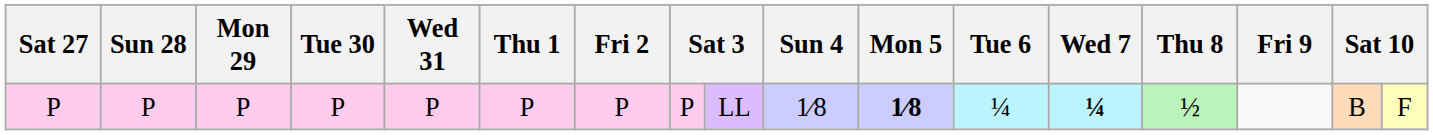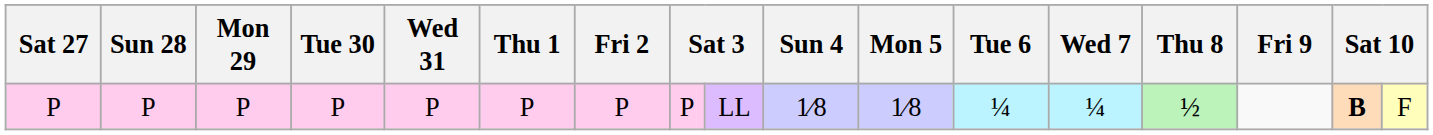 <table class="wikitable" style="margin:0.5em auto; font-size:90%; line-height:1.25em; text-align:center">
 <tr>
 <th width="45">Sat 27</th>
 <th width="45">Sun 28</th>
 <th width="45">Mon 29</th>
 <th width="45">Tue 30</th>
 <th width="45">Wed 31</th>
 <th width="45">Thu 1</th>
 <th width="45">Fri 2</th>
 <th width="45" colspan=2>Sat 3</th>
 <th width="45">Sun 4</th>
 <th width="45">Mon 5</th>
 <th width="45">Tue 6</th>
 <th width="45">Wed 7</th>
 <th width="45">Thu 8</th>
 <th width="45">Fri 9</th>
 <th width="45" colspan=2>Sat 10</th>
 </tr>
 <tr>
 <td bgcolor="#FFCCEE">P</td>
 <td bgcolor="#FFCCEE">P</td>
 <td bgcolor="#FFCCEE">P</td>
 <td bgcolor="#FFCCEE">P</td>
 <td bgcolor="#FFCCEE">P</td>
 <td bgcolor="#FFCCEE">P</td>
 <td bgcolor="#FFCCEE">P</td>
 <td bgcolor="#FFCCEE">P</td>
 <td bgcolor="#DDBBFF">LL</td>
 <td bgcolor="#CCCCFF">1⁄8</td>
-<td bgcolor="#CCCCFF"><strong>1⁄8</strong></td>
+<td bgcolor="#CCCCFF">1⁄8</td>
 <td bgcolor="#BBF3FF">¼</td>
-<td bgcolor="#BBF3FF"><strong>¼</strong></td>
+<td bgcolor="#BBF3FF">¼</td>
 <td bgcolor="#BBF3BB">½</td>
 <td></td>
-<td bgcolor="#FEDCBA">B</td>
+<td bgcolor="#FEDCBA"><strong>B</strong></td>
 <td bgcolor="#FFFFBB">F</td>
 </tr>
 </table>
